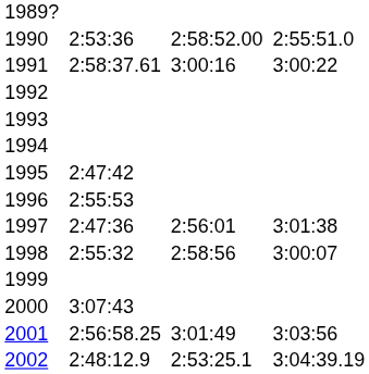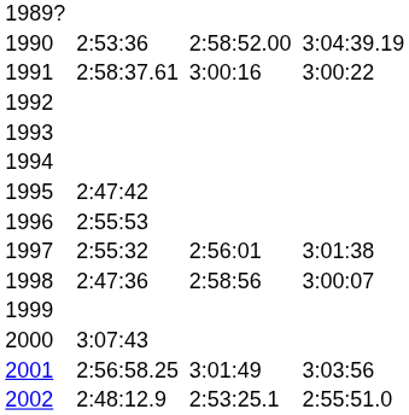 <table>
 <tr>
 <td>1989?</td>
 <td></td>
 <td></td>
 <td></td>
 <td></td>
 <td></td>
 <td></td>
 </tr>
 <tr>
 <td>1990</td>
 <td></td>
 <td>2:53:36</td>
 <td></td>
 <td>2:58:52.00</td>
 <td></td>
-<td>2:55:51.0</td>
+<td>3:04:39.19</td>
 </tr>
 <tr>
 <td>1991</td>
 <td></td>
 <td>2:58:37.61</td>
 <td></td>
 <td>3:00:16</td>
 <td></td>
 <td>3:00:22</td>
 </tr>
 <tr>
 <td>1992</td>
 <td></td>
 <td></td>
 <td></td>
 <td></td>
 <td></td>
 <td></td>
 </tr>
 <tr>
 <td>1993</td>
 <td></td>
 <td></td>
 <td></td>
 <td></td>
 <td></td>
 <td></td>
 </tr>
 <tr>
 <td>1994</td>
 <td></td>
 <td></td>
 <td></td>
 <td></td>
 <td></td>
 <td></td>
 </tr>
 <tr>
 <td>1995</td>
 <td></td>
 <td>2:47:42</td>
 <td></td>
 <td></td>
 <td></td>
 <td></td>
 </tr>
 <tr>
 <td>1996</td>
 <td></td>
 <td>2:55:53</td>
 <td></td>
 <td></td>
 <td></td>
 <td></td>
 </tr>
 <tr>
 <td>1997</td>
 <td></td>
-<td>2:47:36</td>
+<td>2:55:32</td>
 <td></td>
 <td>2:56:01</td>
 <td></td>
 <td>3:01:38</td>
 </tr>
 <tr>
 <td>1998</td>
 <td></td>
-<td>2:55:32</td>
+<td>2:47:36</td>
 <td></td>
 <td>2:58:56</td>
 <td></td>
 <td>3:00:07</td>
 </tr>
 <tr>
 <td>1999</td>
 <td></td>
 <td></td>
 <td></td>
 <td></td>
 <td></td>
 <td></td>
 </tr>
 <tr>
 <td>2000</td>
 <td></td>
 <td>3:07:43</td>
 <td></td>
 <td></td>
 <td></td>
 <td></td>
 </tr>
 <tr>
 <td><a href='#'>2001</a></td>
 <td></td>
 <td>2:56:58.25</td>
 <td></td>
 <td>3:01:49</td>
 <td></td>
 <td>3:03:56</td>
 </tr>
 <tr>
 <td><a href='#'>2002</a></td>
 <td></td>
 <td>2:48:12.9</td>
 <td></td>
 <td>2:53:25.1</td>
 <td></td>
-<td>3:04:39.19</td>
+<td>2:55:51.0</td>
 </tr>
 </table>
